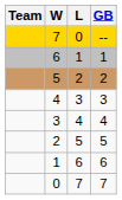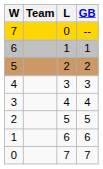 <table class="wikitable" style="text-align:center;">
 <tr>
+<th width=20px>W</th>
 <th>Team</th>
-<th width=20px>W</th>
 <th width=20px>L</th>
 <th width=20px><a href='#'>GB</a></th>
 </tr>
 <tr bgcolor=gold>
+<td>7</td>
 <td align="left"></td>
-<td>7</td>
 <td>0</td>
 <td>--</td>
 </tr>
 <tr bgcolor=silver>
+<td>6</td>
 <td align="left"></td>
-<td>6</td>
 <td>1</td>
 <td>1</td>
 </tr>
 <tr bgcolor=cc9966>
+<td>5</td>
 <td align="left"></td>
-<td>5</td>
 <td>2</td>
 <td>2</td>
 </tr>
 <tr>
+<td>4</td>
 <td align="left"></td>
-<td>4</td>
 <td>3</td>
 <td>3</td>
 </tr>
 <tr>
+<td>3</td>
 <td align="left"></td>
-<td>3</td>
 <td>4</td>
 <td>4</td>
 </tr>
 <tr>
+<td>2</td>
 <td align="left"></td>
-<td>2</td>
 <td>5</td>
 <td>5</td>
 </tr>
 <tr>
+<td>1</td>
 <td align="left"></td>
-<td>1</td>
 <td>6</td>
 <td>6</td>
 </tr>
 <tr>
+<td>0</td>
 <td align="left"></td>
-<td>0</td>
 <td>7</td>
 <td>7</td>
 </tr>
 </table>
